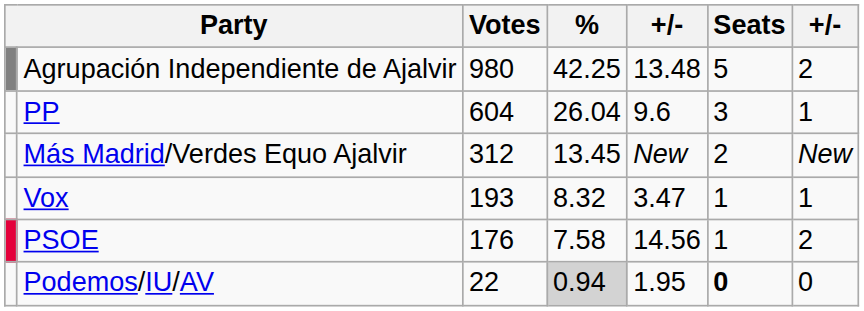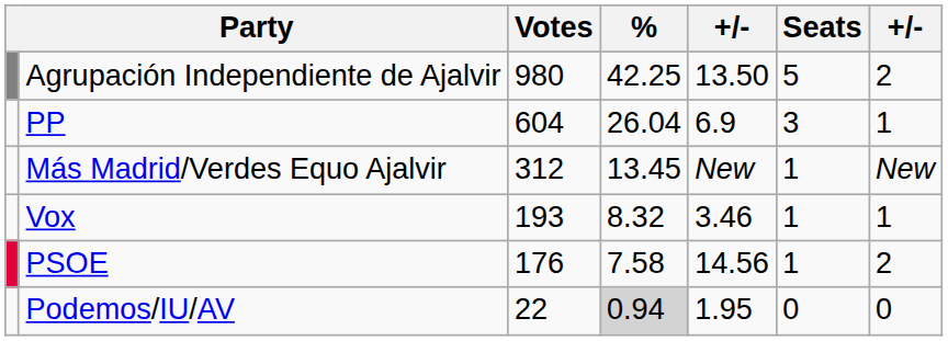 <table class="wikitable">
 <tr>
 <th colspan="2">Party</th>
 <th>Votes</th>
 <th>%</th>
 <th>+/-</th>
 <th>Seats</th>
 <th>+/-</th>
 </tr>
 <tr>
 <td bgcolor="grey"></td>
 <td>Agrupación Independiente de Ajalvir</td>
 <td>980</td>
 <td>42.25</td>
-<td> 13.48</td>
+<td> 13.50</td>
 <td>5</td>
 <td> 2</td>
 </tr>
 <tr>
 <td></td>
 <td><a href='#'>PP</a></td>
 <td>604</td>
 <td>26.04</td>
-<td> 9.6</td>
+<td> 6.9</td>
 <td>3</td>
 <td> 1</td>
 </tr>
 <tr>
 <td></td>
 <td><a href='#'>Más Madrid</a>/Verdes Equo Ajalvir</td>
 <td>312</td>
 <td>13.45</td>
 <td><em>New</em></td>
-<td>2</td>
+<td>1</td>
 <td><em>New</em></td>
 </tr>
 <tr>
 <td></td>
 <td><a href='#'>Vox</a></td>
 <td>193</td>
 <td>8.32</td>
-<td> 3.47</td>
+<td> 3.46</td>
 <td>1</td>
 <td> 1</td>
 </tr>
 <tr>
 <td bgcolor="#E4003B"></td>
 <td><a href='#'>PSOE</a></td>
 <td>176</td>
 <td>7.58</td>
 <td> 14.56</td>
 <td>1</td>
 <td> 2</td>
 </tr>
 <tr>
 <td></td>
 <td><a href='#'>Podemos</a>/<a href='#'>IU</a>/<a href='#'>AV</a></td>
 <td>22</td>
 <td style="background: lightgrey;">0.94</td>
 <td> 1.95</td>
-<td><strong>0</strong></td>
+<td>0</td>
 <td> 0</td>
 </tr>
 </table>
